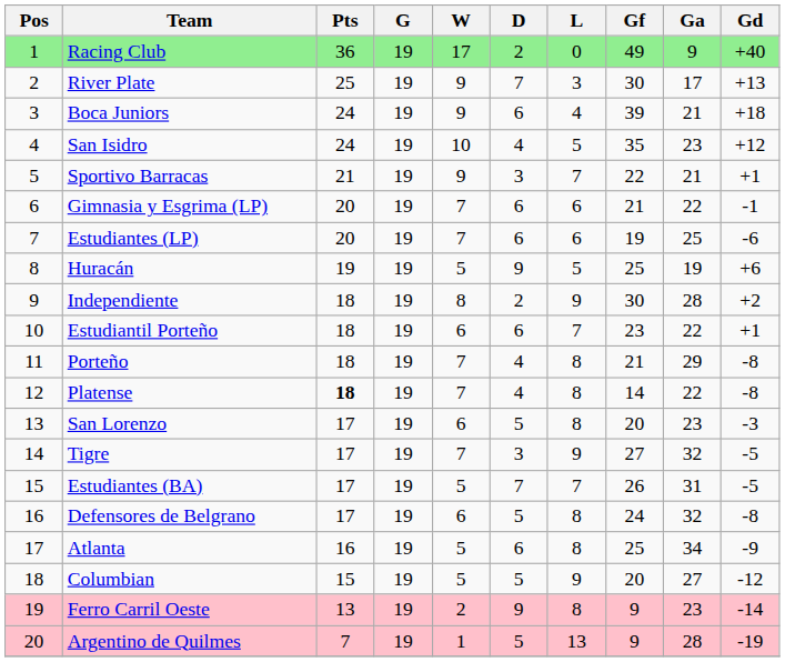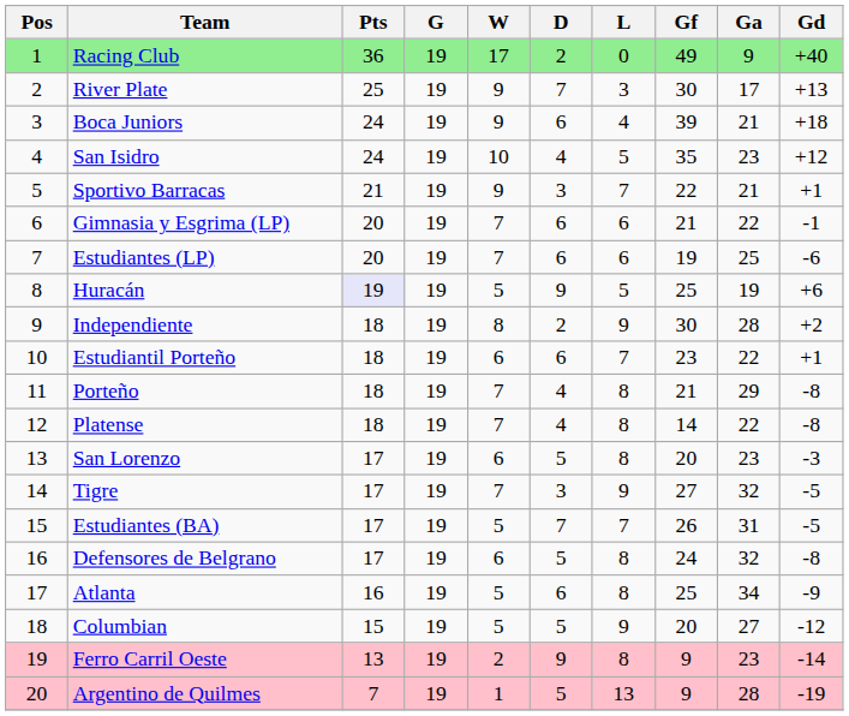 <table class="wikitable" style="text-align:center">
 <tr>
 <th width=40px>Pos</th>
 <th width=200px>Team</th>
 <th width=40px>Pts</th>
 <th width=40px>G</th>
 <th width=40px>W</th>
 <th width=40px>D</th>
 <th width=40px>L</th>
 <th width=40px>Gf</th>
 <th width=40px>Ga</th>
 <th width=40px>Gd</th>
 </tr>
 <tr bgcolor="lightgreen">
 <td>1</td>
 <td align="left"><a href='#'>Racing Club</a></td>
 <td>36</td>
 <td>19</td>
 <td>17</td>
 <td>2</td>
 <td>0</td>
 <td>49</td>
 <td>9</td>
 <td>+40</td>
 </tr>
 <tr>
 <td>2</td>
 <td align="left"><a href='#'>River Plate</a></td>
 <td>25</td>
 <td>19</td>
 <td>9</td>
 <td>7</td>
 <td>3</td>
 <td>30</td>
 <td>17</td>
 <td>+13</td>
 </tr>
 <tr>
 <td>3</td>
 <td align="left"><a href='#'>Boca Juniors</a></td>
 <td>24</td>
 <td>19</td>
 <td>9</td>
 <td>6</td>
 <td>4</td>
 <td>39</td>
 <td>21</td>
 <td>+18</td>
 </tr>
 <tr>
 <td>4</td>
 <td align="left"><a href='#'>San Isidro</a></td>
 <td>24</td>
 <td>19</td>
 <td>10</td>
 <td>4</td>
 <td>5</td>
 <td>35</td>
 <td>23</td>
 <td>+12</td>
 </tr>
 <tr>
 <td>5</td>
 <td align="left"><a href='#'>Sportivo Barracas</a></td>
 <td>21</td>
 <td>19</td>
 <td>9</td>
 <td>3</td>
 <td>7</td>
 <td>22</td>
 <td>21</td>
 <td>+1</td>
 </tr>
 <tr>
 <td>6</td>
 <td align="left"><a href='#'>Gimnasia y Esgrima (LP)</a></td>
 <td>20</td>
 <td>19</td>
 <td>7</td>
 <td>6</td>
 <td>6</td>
 <td>21</td>
 <td>22</td>
 <td>-1</td>
 </tr>
 <tr>
 <td>7</td>
 <td align="left"><a href='#'>Estudiantes (LP)</a></td>
 <td>20</td>
 <td>19</td>
 <td>7</td>
 <td>6</td>
 <td>6</td>
 <td>19</td>
 <td>25</td>
 <td>-6</td>
 </tr>
 <tr>
 <td>8</td>
 <td align="left"><a href='#'>Huracán</a></td>
-<td>19</td>
+<td style="background: lavender;">19</td>
 <td>19</td>
 <td>5</td>
 <td>9</td>
 <td>5</td>
 <td>25</td>
 <td>19</td>
 <td>+6</td>
 </tr>
 <tr>
 <td>9</td>
 <td align="left"><a href='#'>Independiente</a></td>
 <td>18</td>
 <td>19</td>
 <td>8</td>
 <td>2</td>
 <td>9</td>
 <td>30</td>
 <td>28</td>
 <td>+2</td>
 </tr>
 <tr>
 <td>10</td>
 <td align="left"><a href='#'>Estudiantil Porteño</a></td>
 <td>18</td>
 <td>19</td>
 <td>6</td>
 <td>6</td>
 <td>7</td>
 <td>23</td>
 <td>22</td>
 <td>+1</td>
 </tr>
 <tr>
 <td>11</td>
 <td align="left"><a href='#'>Porteño</a></td>
 <td>18</td>
 <td>19</td>
 <td>7</td>
 <td>4</td>
 <td>8</td>
 <td>21</td>
 <td>29</td>
 <td>-8</td>
 </tr>
 <tr>
 <td>12</td>
 <td align="left"><a href='#'>Platense</a></td>
-<td><strong>18</strong></td>
+<td>18</td>
 <td>19</td>
 <td>7</td>
 <td>4</td>
 <td>8</td>
 <td>14</td>
 <td>22</td>
 <td>-8</td>
 </tr>
 <tr>
 <td>13</td>
 <td align="left"><a href='#'>San Lorenzo</a></td>
 <td>17</td>
 <td>19</td>
 <td>6</td>
 <td>5</td>
 <td>8</td>
 <td>20</td>
 <td>23</td>
 <td>-3</td>
 </tr>
 <tr>
 <td>14</td>
 <td align="left"><a href='#'>Tigre</a></td>
 <td>17</td>
 <td>19</td>
 <td>7</td>
 <td>3</td>
 <td>9</td>
 <td>27</td>
 <td>32</td>
 <td>-5</td>
 </tr>
 <tr>
 <td>15</td>
 <td align="left"><a href='#'>Estudiantes (BA)</a></td>
 <td>17</td>
 <td>19</td>
 <td>5</td>
 <td>7</td>
 <td>7</td>
 <td>26</td>
 <td>31</td>
 <td>-5</td>
 </tr>
 <tr>
 <td>16</td>
 <td align="left"><a href='#'>Defensores de Belgrano</a></td>
 <td>17</td>
 <td>19</td>
 <td>6</td>
 <td>5</td>
 <td>8</td>
 <td>24</td>
 <td>32</td>
 <td>-8</td>
 </tr>
 <tr>
 <td>17</td>
 <td align="left"><a href='#'>Atlanta</a></td>
 <td>16</td>
 <td>19</td>
 <td>5</td>
 <td>6</td>
 <td>8</td>
 <td>25</td>
 <td>34</td>
 <td>-9</td>
 </tr>
 <tr>
 <td>18</td>
 <td align="left"><a href='#'>Columbian</a></td>
 <td>15</td>
 <td>19</td>
 <td>5</td>
 <td>5</td>
 <td>9</td>
 <td>20</td>
 <td>27</td>
 <td>-12</td>
 </tr>
 <tr bgcolor="pink">
 <td>19</td>
 <td align="left"><a href='#'>Ferro Carril Oeste</a></td>
 <td>13</td>
 <td>19</td>
 <td>2</td>
 <td>9</td>
 <td>8</td>
 <td>9</td>
 <td>23</td>
 <td>-14</td>
 </tr>
 <tr bgcolor="pink">
 <td>20</td>
 <td align="left"><a href='#'>Argentino de Quilmes</a></td>
 <td>7</td>
 <td>19</td>
 <td>1</td>
 <td>5</td>
 <td>13</td>
 <td>9</td>
 <td>28</td>
 <td>-19</td>
 </tr>
 <tr>
 </tr>
 </table>
